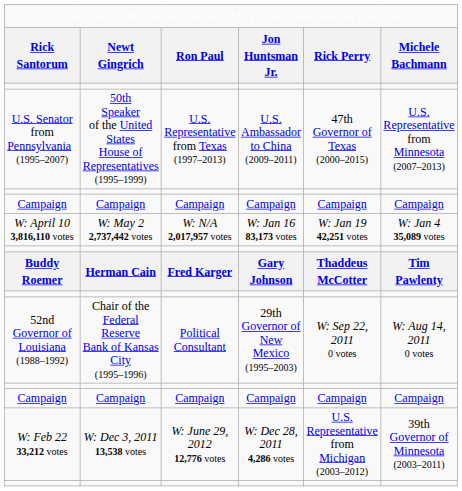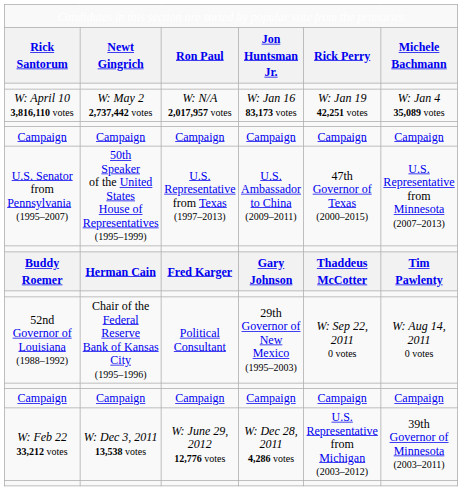 <table class="wikitable mw-collapsible mw-collapsed">
 <tr>
 <td colspan="6" style="text-align:center; font-size:120%; color:white; background:"><em><small>Candidates in this section are sorted by popular vote from the primaries</small></em></td>
 </tr>
 <tr>
 <th scope="col" style="width:3em; font-size:120%;"><a href='#'><small>Rick Santorum</small></a></th>
 <th scope="col" style="width:3em; font-size:120%;"><a href='#'><small>Newt Gingrich</small></a></th>
 <th scope="col" style="width:3em; font-size:120%;"><a href='#'><small>Ron Paul</small></a></th>
 <th scope="col" style="width:3em; font-size:120%;"><a href='#'><small>Jon Huntsman Jr.</small></a></th>
 <th scope="col" style="width:3em; font-size:120%;"><a href='#'><small>Rick Perry</small></a></th>
 <th scope="col" style="width:3em; font-size:120%;"><small><a href='#'>Michele Bachmann</a></small></th>
 </tr>
 <tr>
 <td></td>
 <td></td>
 <td></td>
 <td></td>
 <td></td>
 <td></td>
 </tr>
 <tr style="text-align:center">
-<td><a href='#'>U.S. Senator</a> from <a href='#'>Pennsylvania</a>  <br><small>(1995–2007)</small></td>
-<td><a href='#'>50th</a><br><a href='#'>Speaker</a><br>of the <a href='#'>United States</a><br><a href='#'>House of Representatives</a><br><small>(1995–1999)</small></td>
-<td><a href='#'>U.S. Representative</a><br>from <a href='#'>Texas</a><br><small>(1997</small><small>–2013)</small></td>
-<td><a href='#'>U.S. Ambassador</a><br><a href='#'>to China</a><br><small>(2009–2011)</small></td>
-<td>47th<br><a href='#'>Governor of</a><br><a href='#'>Texas</a><br><small>(2000–2015)</small></td>
-<td><a href='#'>U.S. Representative</a><br>from <a href='#'>Minnesota</a><br><small>(2007–2013)</small></td>
+<td><em>W: April 10</em><br><small><strong>3,816,110</strong> votes</small></td>
+<td><em>W: May 2</em><br><small><strong>2,737,442</strong> votes</small></td>
+<td><em>W: N/A</em><br><small><strong>2,017,957</strong> votes</small></td>
+<td><em>W: Jan 16</em><br><small><strong>83,173</strong> votes</small></td>
+<td><em>W: Jan 19</em><br><small><strong>42,251</strong> votes</small></td>
+<td><em>W: Jan 4</em><br><small><strong>35,089</strong> votes</small></td>
 </tr>
 <tr>
 <td></td>
 <td></td>
 <td></td>
 <td></td>
 <td></td>
 <td></td>
 </tr>
 <tr style="text-align:center">
 <td><a href='#'>Campaign</a></td>
 <td><a href='#'>Campaign</a></td>
 <td><a href='#'>Campaign</a></td>
 <td><a href='#'>Campaign</a></td>
 <td><a href='#'>Campaign</a></td>
 <td><a href='#'>Campaign</a></td>
 </tr>
 <tr style="text-align:center">
-<td><em>W: April 10</em><br><small><strong>3,816,110</strong> votes</small></td>
-<td><em>W: May 2</em><br><small><strong>2,737,442</strong> votes</small></td>
-<td><em>W: N/A</em><br><small><strong>2,017,957</strong> votes</small></td>
-<td><em>W: Jan 16</em><br><small><strong>83,173</strong> votes</small></td>
-<td><em>W: Jan 19</em><br><small><strong>42,251</strong> votes</small></td>
-<td><em>W: Jan 4</em><br><small><strong>35,089</strong> votes</small></td>
+<td><a href='#'>U.S. Senator</a> from <a href='#'>Pennsylvania</a>  <br><small>(1995–2007)</small></td>
+<td><a href='#'>50th</a><br><a href='#'>Speaker</a><br>of the <a href='#'>United States</a><br><a href='#'>House of Representatives</a><br><small>(1995–1999)</small></td>
+<td><a href='#'>U.S. Representative</a><br>from <a href='#'>Texas</a><br><small>(1997</small><small>–2013)</small></td>
+<td><a href='#'>U.S. Ambassador</a><br><a href='#'>to China</a><br><small>(2009–2011)</small></td>
+<td>47th<br><a href='#'>Governor of</a><br><a href='#'>Texas</a><br><small>(2000–2015)</small></td>
+<td><a href='#'>U.S. Representative</a><br>from <a href='#'>Minnesota</a><br><small>(2007–2013)</small></td>
 </tr>
 <tr style="text-align:center">
 <td></td>
 <td></td>
 <td></td>
 <td></td>
 <td></td>
 <td></td>
 </tr>
 <tr>
 <th scope="col" style="width:3em; font-size:120%;"><a href='#'><small>Buddy Roemer</small></a></th>
 <th scope="col" style="width:3em; font-size:120%;"><a href='#'><small>Herman Cain</small></a></th>
 <th scope="col" style="width:3em; font-size:120%;"><a href='#'><small>Fred Karger</small></a></th>
 <th scope="col" style="width:3em; font-size:120%;"><a href='#'><small>Gary Johnson</small></a></th>
 <th scope="col" style="width:3em; font-size:120%;"><small><strong><a href='#'>Thaddeus</a></strong> <strong><a href='#'>McCotter</a></strong></small></th>
 <th scope="col" style="width:3em; font-size:120%;"><strong><a href='#'><small>Tim Pawlenty</small></a></strong></th>
 </tr>
 <tr>
 <td></td>
 <td></td>
 <td></td>
 <td></td>
 <td></td>
 <td></td>
 </tr>
 <tr style="text-align:center">
 <td>52nd<br><a href='#'>Governor of</a><br><a href='#'>Louisiana</a><br><small>(1988–1992)</small></td>
 <td>Chair of the<br><a href='#'>Federal Reserve</a><br><a href='#'>Bank of Kansas City</a><br><small>(1995–1996)</small></td>
 <td><a href='#'>Political</a><br><a href='#'>Consultant</a></td>
 <td>29th<br><a href='#'>Governor of</a><br><a href='#'>New Mexico</a><br><small>(1995–2003)</small></td>
 <td><em>W: Sep 22, 2011</em><br><small>0 votes</small></td>
 <td><em>W: Aug 14, 2011</em><br><small>0 votes</small></td>
 </tr>
 <tr>
 <td></td>
 <td></td>
 <td></td>
 <td></td>
 <td></td>
 <td></td>
 </tr>
 <tr style="text-align:center">
 <td><a href='#'>Campaign</a></td>
 <td><a href='#'>Campaign</a></td>
 <td><a href='#'>Campaign</a></td>
 <td><a href='#'>Campaign</a></td>
 <td><a href='#'>Campaign</a></td>
 <td><a href='#'>Campaign</a></td>
 </tr>
 <tr style="text-align:center">
 <td><em>W: Feb 22</em><br><small><strong>33,212</strong> votes</small></td>
 <td><em>W: Dec 3, 2011</em><br><small><strong>13,538</strong> votes</small></td>
 <td><em>W: June 29, 2012</em><br><small><strong>12,776</strong> votes</small></td>
 <td><em>W: Dec 28, 2011</em><br><small><strong>4,286</strong> votes</small></td>
 <td><a href='#'>U.S. Representative</a><br>from <a href='#'>Michigan</a><br><small>(2003–2012)</small></td>
 <td>39th<br><a href='#'>Governor of</a><br><a href='#'>Minnesota</a><br><small>(2003–2011)</small></td>
 </tr>
 <tr style="text-align:center">
 <td></td>
 <td></td>
 <td></td>
 <td></td>
 <td></td>
 <td></td>
 </tr>
 </table>
